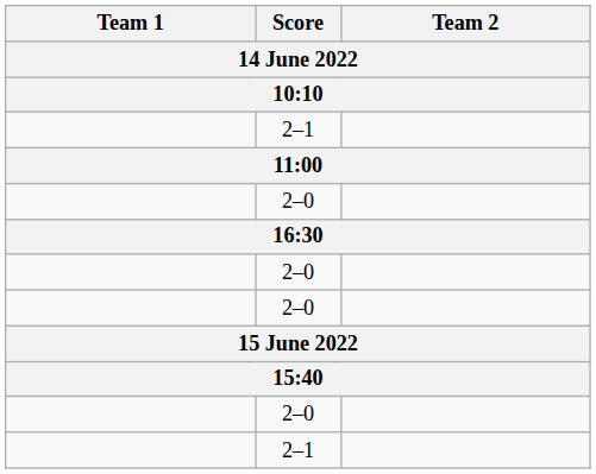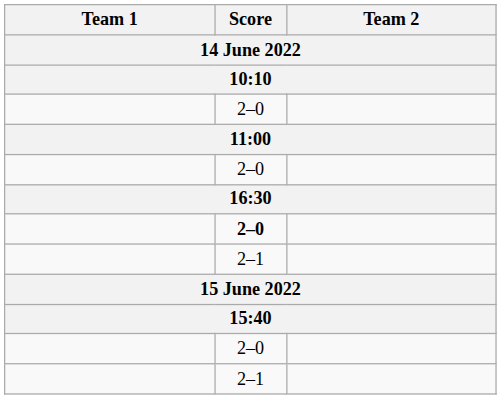 <table class="wikitable" style="text-align: center; font-size:90% ">
 <tr>
 <th align="right" width="160">Team 1</th>
 <th width="50">Score</th>
 <th align="left" width="160">Team 2</th>
 </tr>
 <tr>
 <th colspan=3>14 June 2022</th>
 </tr>
 <tr>
 <th colspan=3>10:10</th>
 </tr>
 <tr>
 <td align=right></td>
-<td align=center>2–1</td>
+<td align=center>2–0</td>
 <td align=left></td>
 </tr>
 <tr>
 <th colspan=3>11:00</th>
 </tr>
 <tr>
 <td align=right></td>
 <td align=center>2–0</td>
 <td align=left></td>
 </tr>
 <tr>
 <th colspan=3>16:30</th>
 </tr>
 <tr>
 <td align=right></td>
-<td align=center>2–0</td>
+<td align=center><strong>2–0</strong></td>
 <td align=left></td>
 </tr>
 <tr>
 <td align=right></td>
-<td align=center>2–0</td>
+<td align=center>2–1</td>
 <td align=left></td>
 </tr>
 <tr>
 <th colspan=3>15 June 2022</th>
 </tr>
 <tr>
 <th colspan=3>15:40</th>
 </tr>
 <tr>
 <td align=right></td>
 <td align=center>2–0</td>
 <td align=left></td>
 </tr>
 <tr>
 <td align=right></td>
 <td align=center>2–1</td>
 <td align=left></td>
 </tr>
 </table>
